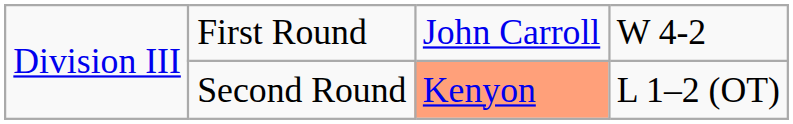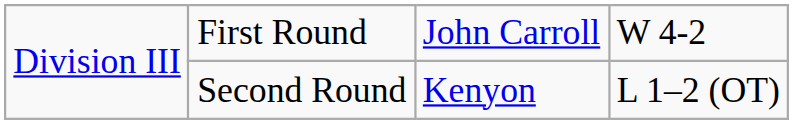 <table class="wikitable">
 <tr>
 <td rowspan="2"><a href='#'>Division III</a></td>
 <td>First Round</td>
 <td><a href='#'>John Carroll</a></td>
 <td>W 4-2</td>
 </tr>
 <tr>
 <td>Second Round</td>
-<td style="background: lightsalmon;"><a href='#'>Kenyon</a></td>
+<td><a href='#'>Kenyon</a></td>
 <td>L 1–2 (OT)</td>
 </tr>
 </table>
